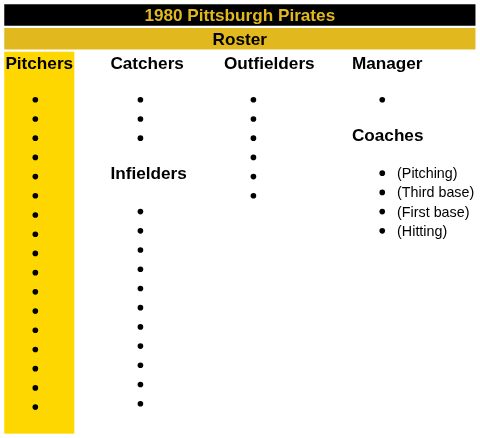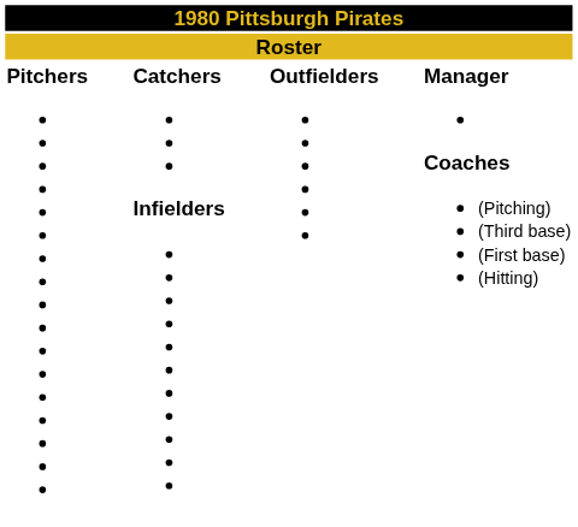 <table class="toccolours" style="font-size: 95%;">
 <tr>
 <th colspan="10" style="background-color: black; color: #e1b81e; text-align: center;">1980 Pittsburgh Pirates</th>
 </tr>
 <tr>
 <td colspan="10" style="background-color: #e1b81e; color: black; text-align: center;"><strong>Roster</strong></td>
 </tr>
 <tr>
-<td valign="top" style="background: gold;"><strong>Pitchers</strong><br><ul><li></li><li></li><li></li><li></li><li></li><li></li><li></li><li></li><li></li><li></li><li></li><li></li><li></li><li></li><li></li><li></li><li></li></ul></td>
+<td valign="top"><strong>Pitchers</strong><br><ul><li></li><li></li><li></li><li></li><li></li><li></li><li></li><li></li><li></li><li></li><li></li><li></li><li></li><li></li><li></li><li></li><li></li></ul></td>
 <td width="25px"></td>
 <td valign="top"><strong>Catchers</strong><br><ul><li></li><li></li><li></li></ul><strong>Infielders</strong><ul><li></li><li></li><li></li><li></li><li></li><li></li><li></li><li></li><li></li><li></li><li></li></ul></td>
 <td width="25px"></td>
 <td valign="top"><strong>Outfielders</strong><br><ul><li></li><li></li><li></li><li></li><li></li><li></li></ul></td>
 <td width="25px"></td>
 <td valign="top"><strong>Manager</strong><br><ul><li></li></ul><strong>Coaches</strong><ul><li> <small>(Pitching)</small></li><li> <small>(Third base)</small></li><li> <small>(First base)</small></li><li> <small>(Hitting)</small></li></ul></td>
 </tr>
 </table>
